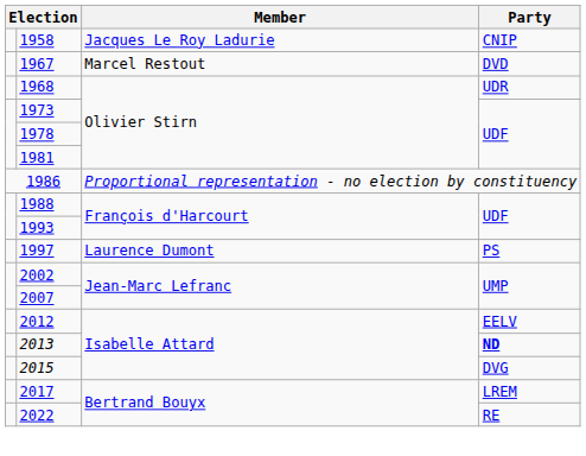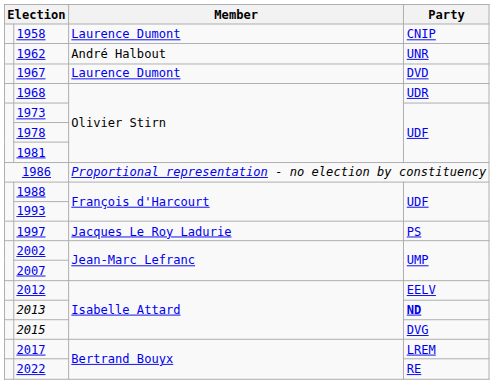 <table class="wikitable">
 <tr>
 <th colspan="2">Election</th>
 <th>Member</th>
 <th>Party</th>
 </tr>
 <tr>
 <td style="color:inherit;background-color: "></td>
 <td><a href='#'>1958</a></td>
-<td><a href='#'>Jacques Le Roy Ladurie</a></td>
+<td><a href='#'>Laurence Dumont</a></td>
 <td><a href='#'>CNIP</a></td>
 </tr>
 <tr>
 <td style="color:inherit;background-color: "></td>
+<td><a href='#'>1962</a></td>
+<td>André Halbout</td>
+<td><a href='#'>UNR</a></td>
+</tr>
+<tr>
+<td style="color:inherit;background-color: "></td>
 <td><a href='#'>1967</a></td>
-<td>Marcel Restout</td>
+<td><a href='#'>Laurence Dumont</a></td>
 <td><a href='#'>DVD</a></td>
 </tr>
 <tr>
 <td style="color:inherit;background-color: "></td>
 <td><a href='#'>1968</a></td>
 <td rowspan="4">Olivier Stirn</td>
 <td><a href='#'>UDR</a></td>
 </tr>
 <tr>
 <td rowspan="3" style="color:inherit;background-color: "></td>
 <td><a href='#'>1973</a></td>
 <td rowspan="3"><a href='#'>UDF</a></td>
 </tr>
 <tr>
 <td><a href='#'>1978</a></td>
 </tr>
 <tr>
 <td><a href='#'>1981</a></td>
 </tr>
 <tr>
 <td colspan="2" align="center"><a href='#'>1986</a></td>
 <td colspan="2"><em><a href='#'>Proportional representation</a> - no election by constituency</em></td>
 </tr>
 <tr>
 <td rowspan="2" style="color:inherit;background-color: "></td>
 <td><a href='#'>1988</a></td>
 <td rowspan="2"><a href='#'>François d'Harcourt</a></td>
 <td rowspan="2"><a href='#'>UDF</a></td>
 </tr>
 <tr>
 <td><a href='#'>1993</a></td>
 </tr>
 <tr>
 <td style="color:inherit;background-color: "></td>
 <td><a href='#'>1997</a></td>
-<td><a href='#'>Laurence Dumont</a></td>
+<td><a href='#'>Jacques Le Roy Ladurie</a></td>
 <td><a href='#'>PS</a></td>
 </tr>
 <tr>
 <td rowspan="2" style="color:inherit;background-color: "></td>
 <td><a href='#'>2002</a></td>
 <td rowspan="2"><a href='#'>Jean-Marc Lefranc</a></td>
 <td rowspan="2"><a href='#'>UMP</a></td>
 </tr>
 <tr>
 <td><a href='#'>2007</a></td>
 </tr>
 <tr>
 <td style="color:inherit;background-color: "></td>
 <td><a href='#'>2012</a></td>
 <td rowspan="3"><a href='#'>Isabelle Attard</a></td>
 <td><a href='#'>EELV</a></td>
 </tr>
 <tr>
 <td style="color:inherit;background-color: "></td>
 <td><em>2013</em></td>
 <td><strong><a href='#'>ND</a></strong></td>
 </tr>
 <tr>
 <td style="color:inherit;background-color: "></td>
 <td><em>2015</em></td>
 <td><a href='#'>DVG</a></td>
 </tr>
 <tr>
 <td style="color:inherit;background-color: "></td>
 <td><a href='#'>2017</a></td>
 <td rowspan="2"><a href='#'>Bertrand Bouyx</a></td>
 <td><a href='#'>LREM</a></td>
 </tr>
 <tr>
 <td style="color:inherit;background-color: "></td>
 <td><a href='#'>2022</a></td>
 <td><a href='#'>RE</a></td>
 </tr>
 </table>
